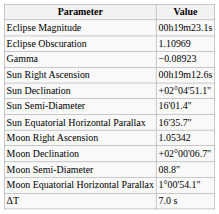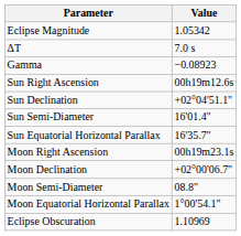 <table class="wikitable">
 <tr>
 <th>Parameter</th>
 <th>Value</th>
 </tr>
 <tr>
 <td>Eclipse Magnitude</td>
-<td>00h19m23.1s</td>
+<td>1.05342</td>
 </tr>
 <tr>
-<td>Eclipse Obscuration</td>
-<td>1.10969</td>
+<td>ΔT</td>
+<td>7.0 s</td>
 </tr>
 <tr>
 <td>Gamma</td>
 <td>−0.08923</td>
 </tr>
 <tr>
 <td>Sun Right Ascension</td>
 <td>00h19m12.6s</td>
 </tr>
 <tr>
 <td>Sun Declination</td>
 <td>+02°04'51.1"</td>
 </tr>
 <tr>
 <td>Sun Semi-Diameter</td>
 <td>16'01.4"</td>
 </tr>
 <tr>
 <td>Sun Equatorial Horizontal Parallax</td>
 <td>16'35.7"</td>
 </tr>
 <tr>
 <td>Moon Right Ascension</td>
-<td>1.05342</td>
+<td>00h19m23.1s</td>
 </tr>
 <tr>
 <td>Moon Declination</td>
 <td>+02°00'06.7"</td>
 </tr>
 <tr>
 <td>Moon Semi-Diameter</td>
 <td>08.8"</td>
 </tr>
 <tr>
 <td>Moon Equatorial Horizontal Parallax</td>
 <td>1°00'54.1"</td>
 </tr>
 <tr>
-<td>ΔT</td>
-<td>7.0 s</td>
+<td>Eclipse Obscuration</td>
+<td>1.10969</td>
 </tr>
 </table>
